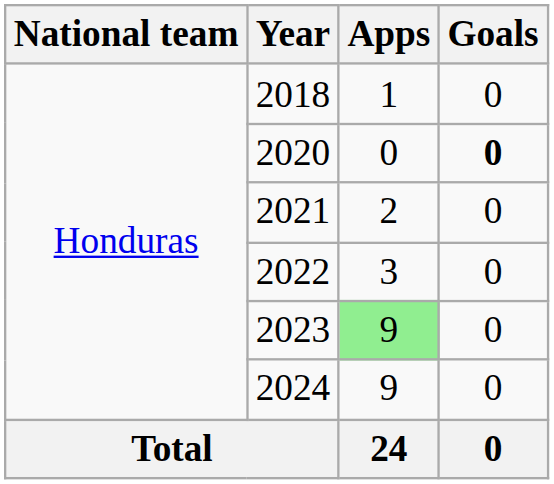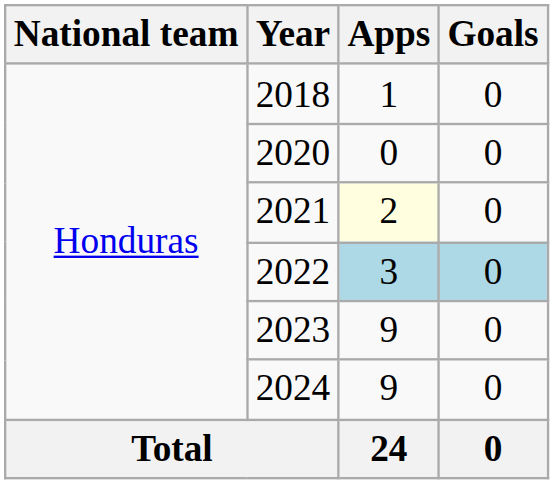 <table class="wikitable" style="text-align: center;">
 <tr>
 <th>National team</th>
 <th>Year</th>
 <th>Apps</th>
 <th>Goals</th>
 </tr>
 <tr>
 <td rowspan="6" valign="center"><a href='#'>Honduras</a></td>
 <td>2018</td>
 <td>1</td>
 <td>0</td>
 </tr>
 <tr>
 <td>2020</td>
 <td>0</td>
-<td><strong>0</strong></td>
+<td>0</td>
 </tr>
 <tr>
 <td>2021</td>
-<td>2</td>
+<td style="background: lightyellow;">2</td>
 <td>0</td>
 </tr>
 <tr>
 <td>2022</td>
-<td>3</td>
-<td>0</td>
+<td style="background: lightblue;">3</td>
+<td style="background: lightblue;">0</td>
 </tr>
 <tr>
 <td>2023</td>
-<td style="background: lightgreen;">9</td>
+<td>9</td>
 <td>0</td>
 </tr>
 <tr>
 <td>2024</td>
 <td>9</td>
 <td>0</td>
 </tr>
 <tr>
 <th colspan="2">Total</th>
 <th>24</th>
 <th>0</th>
 </tr>
 </table>
